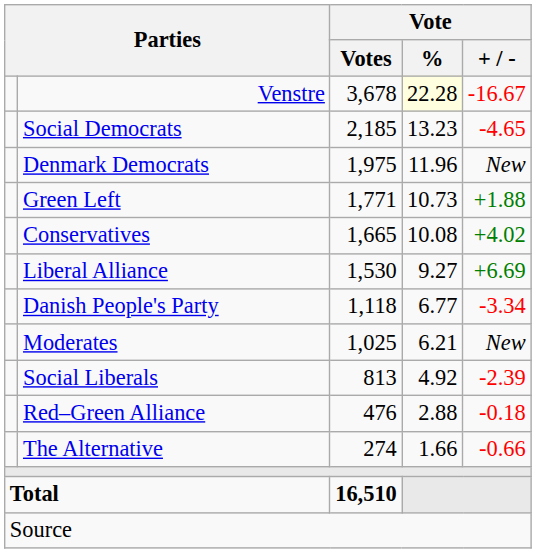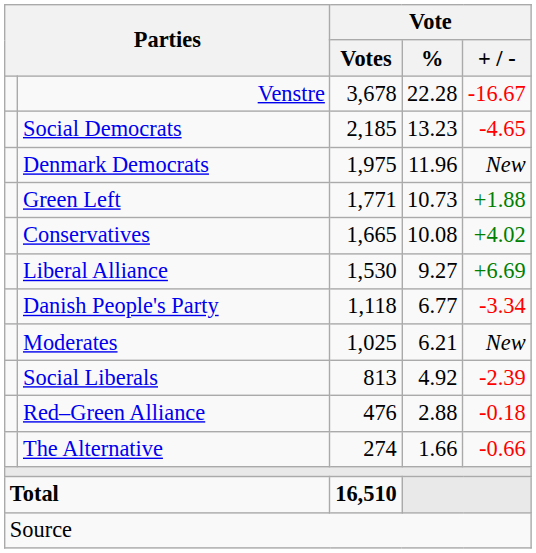 <table class="wikitable" style="text-align:right;">
 <tr>
 <th style="text-align:centre;" rowspan="2" colspan="2" width="225">Parties</th>
 <th colspan="3">Vote</th>
 </tr>
 <tr>
 <th width="15">Votes</th>
 <th width="15">%</th>
 <th width="15">+ / -</th>
 </tr>
 <tr>
 <td width=2 bgcolor=></td>
 <td><a href='#'>Venstre</a></td>
 <td>3,678</td>
-<td style="background: lightyellow;">22.28</td>
+<td>22.28</td>
 <td style=color:red;>-16.67</td>
 </tr>
 <tr>
 <td width=2 bgcolor=></td>
 <td align=left><a href='#'>Social Democrats</a></td>
 <td>2,185</td>
 <td>13.23</td>
 <td style=color:red;>-4.65</td>
 </tr>
 <tr>
 <td width=2 bgcolor=></td>
 <td align=left><a href='#'>Denmark Democrats</a></td>
 <td>1,975</td>
 <td>11.96</td>
 <td><em>New</em></td>
 </tr>
 <tr>
 <td width=2 bgcolor=></td>
 <td align=left><a href='#'>Green Left</a></td>
 <td>1,771</td>
 <td>10.73</td>
 <td style=color:green;>+1.88</td>
 </tr>
 <tr>
 <td width=2 bgcolor=></td>
 <td align=left><a href='#'>Conservatives</a></td>
 <td>1,665</td>
 <td>10.08</td>
 <td style=color:green;>+4.02</td>
 </tr>
 <tr>
 <td width=2 bgcolor=></td>
 <td align=left><a href='#'>Liberal Alliance</a></td>
 <td>1,530</td>
 <td>9.27</td>
 <td style=color:green;>+6.69</td>
 </tr>
 <tr>
 <td width=2 bgcolor=></td>
 <td align=left><a href='#'>Danish People's Party</a></td>
 <td>1,118</td>
 <td>6.77</td>
 <td style=color:red;>-3.34</td>
 </tr>
 <tr>
 <td width=2 bgcolor=></td>
 <td align=left><a href='#'>Moderates</a></td>
 <td>1,025</td>
 <td>6.21</td>
 <td><em>New</em></td>
 </tr>
 <tr>
 <td width=2 bgcolor=></td>
 <td align=left><a href='#'>Social Liberals</a></td>
 <td>813</td>
 <td>4.92</td>
 <td style=color:red;>-2.39</td>
 </tr>
 <tr>
 <td width=2 bgcolor=></td>
 <td align=left><a href='#'>Red–Green Alliance</a></td>
 <td>476</td>
 <td>2.88</td>
 <td style=color:red;>-0.18</td>
 </tr>
 <tr>
 <td width=2 bgcolor=></td>
 <td align=left><a href='#'>The Alternative</a></td>
 <td>274</td>
 <td>1.66</td>
 <td style=color:red;>-0.66</td>
 </tr>
 <tr>
 <td colspan="7" bgcolor="#E9E9E9"></td>
 </tr>
 <tr>
 <td align="left" colspan="2"><strong>Total</strong></td>
 <td><strong>16,510</strong></td>
 <td bgcolor=#E9E9E9 colspan=2></td>
 </tr>
 <tr>
 <td align="left" colspan="6">Source</td>
 </tr>
 </table>
